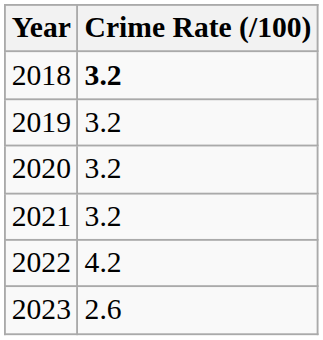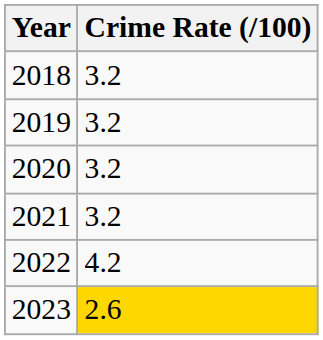 <table class="wikitable">
 <tr>
 <th>Year</th>
 <th>Crime Rate (/100)</th>
 </tr>
 <tr>
 <td>2018</td>
-<td><strong>3.2</strong></td>
+<td>3.2</td>
 </tr>
 <tr>
 <td>2019</td>
 <td>3.2</td>
 </tr>
 <tr>
 <td>2020</td>
 <td>3.2</td>
 </tr>
 <tr>
 <td>2021</td>
 <td>3.2</td>
 </tr>
 <tr>
 <td>2022</td>
 <td>4.2</td>
 </tr>
 <tr>
 <td>2023</td>
-<td>2.6</td>
+<td style="background: gold;">2.6</td>
 </tr>
 </table>
